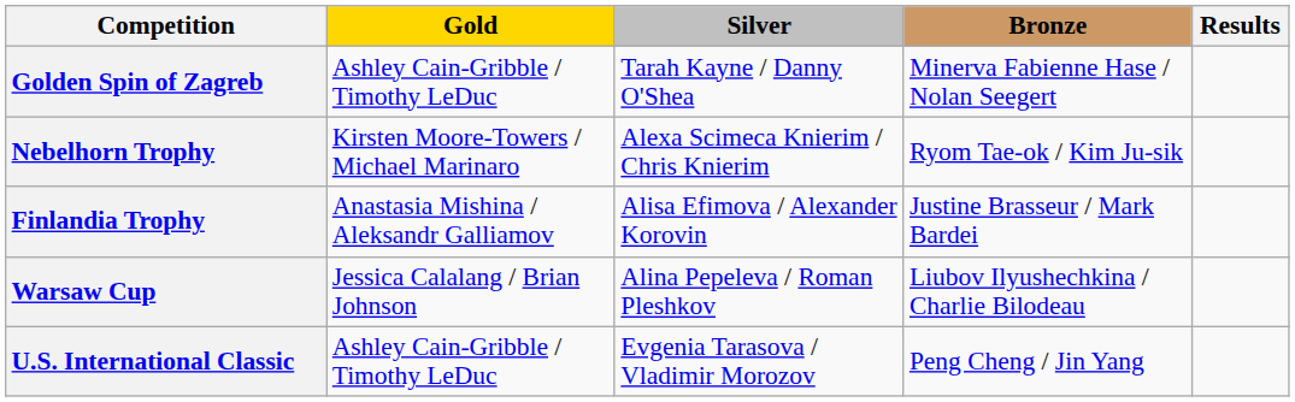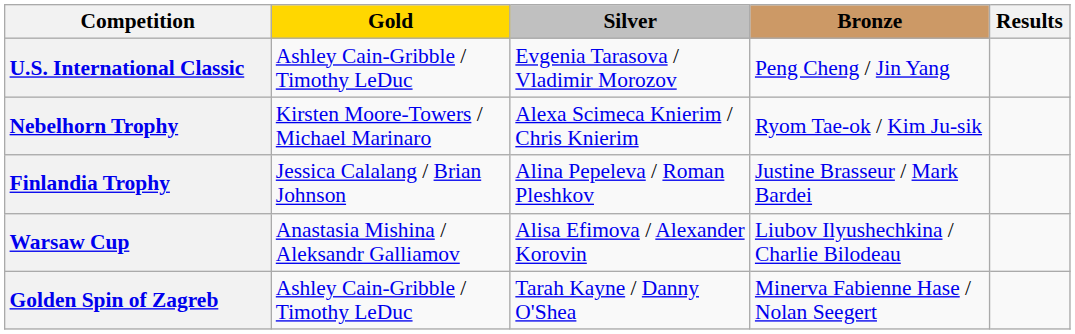 <table class="wikitable unsortable" style="text-align:left; width:90%;">
 <tr>
 <th scope="col" style="text-align:center; width:25%;">Competition</th>
 <td scope="col" style="text-align:center; width:22.5%; background:gold"><strong>Gold</strong></td>
 <td scope="col" style="text-align:center; width:22.5%; background:silver"><strong>Silver</strong></td>
 <td scope="col" style="text-align:center; width:22.5%; background:#c96"><strong>Bronze</strong></td>
 <th scope="col" style="text-align:center; width:7.5%;">Results</th>
 </tr>
 <tr>
-<th scope="row" style="text-align:left"> <a href='#'>Golden Spin of Zagreb</a></th>
+<th scope="row" style="text-align:left"> <a href='#'>U.S. International Classic</a></th>
 <td> <a href='#'>Ashley Cain-Gribble</a> / <a href='#'>Timothy LeDuc</a></td>
-<td> <a href='#'>Tarah Kayne</a> / <a href='#'>Danny O'Shea</a></td>
-<td> <a href='#'>Minerva Fabienne Hase</a> / <a href='#'>Nolan Seegert</a></td>
+<td> <a href='#'>Evgenia Tarasova</a> / <a href='#'>Vladimir Morozov</a></td>
+<td> <a href='#'>Peng Cheng</a> / <a href='#'>Jin Yang</a></td>
 <td></td>
 </tr>
 <tr>
 <th scope="row" style="text-align:left"> <a href='#'>Nebelhorn Trophy</a></th>
 <td> <a href='#'>Kirsten Moore-Towers</a> / <a href='#'>Michael Marinaro</a></td>
 <td> <a href='#'>Alexa Scimeca Knierim</a> / <a href='#'>Chris Knierim</a></td>
 <td> <a href='#'>Ryom Tae-ok</a> / <a href='#'>Kim Ju-sik</a></td>
 <td></td>
 </tr>
 <tr>
 <th scope="row" style="text-align:left"> <a href='#'>Finlandia Trophy</a></th>
-<td> <a href='#'>Anastasia Mishina</a> / <a href='#'>Aleksandr Galliamov</a></td>
-<td> <a href='#'>Alisa Efimova</a> / <a href='#'>Alexander Korovin</a></td>
+<td> <a href='#'>Jessica Calalang</a> / <a href='#'>Brian Johnson</a></td>
+<td> <a href='#'>Alina Pepeleva</a> / <a href='#'>Roman Pleshkov</a></td>
 <td> <a href='#'>Justine Brasseur</a> / <a href='#'>Mark Bardei</a></td>
 <td></td>
 </tr>
 <tr>
 <th scope="row" style="text-align:left"> <a href='#'>Warsaw Cup</a></th>
-<td> <a href='#'>Jessica Calalang</a> / <a href='#'>Brian Johnson</a></td>
-<td> <a href='#'>Alina Pepeleva</a> / <a href='#'>Roman Pleshkov</a></td>
+<td> <a href='#'>Anastasia Mishina</a> / <a href='#'>Aleksandr Galliamov</a></td>
+<td> <a href='#'>Alisa Efimova</a> / <a href='#'>Alexander Korovin</a></td>
 <td> <a href='#'>Liubov Ilyushechkina</a> / <a href='#'>Charlie Bilodeau</a></td>
 <td></td>
 </tr>
 <tr>
-<th scope="row" style="text-align:left"> <a href='#'>U.S. International Classic</a></th>
+<th scope="row" style="text-align:left"> <a href='#'>Golden Spin of Zagreb</a></th>
 <td> <a href='#'>Ashley Cain-Gribble</a> / <a href='#'>Timothy LeDuc</a></td>
-<td> <a href='#'>Evgenia Tarasova</a> / <a href='#'>Vladimir Morozov</a></td>
-<td> <a href='#'>Peng Cheng</a> / <a href='#'>Jin Yang</a></td>
+<td> <a href='#'>Tarah Kayne</a> / <a href='#'>Danny O'Shea</a></td>
+<td> <a href='#'>Minerva Fabienne Hase</a> / <a href='#'>Nolan Seegert</a></td>
 <td></td>
 </tr>
 </table>
